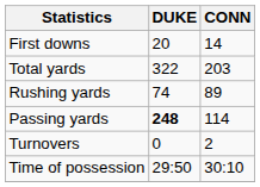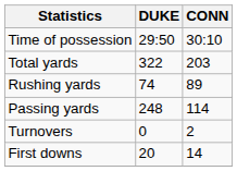 <table class="wikitable" style="float: left;">
 <tr>
 <th>Statistics</th>
 <th>DUKE</th>
 <th>CONN</th>
 </tr>
 <tr>
-<td>First downs</td>
-<td>20</td>
-<td>14</td>
+<td>Time of possession</td>
+<td>29:50</td>
+<td>30:10</td>
 </tr>
 <tr>
 <td>Total yards</td>
 <td>322</td>
 <td>203</td>
 </tr>
 <tr>
 <td>Rushing yards</td>
 <td>74</td>
 <td>89</td>
 </tr>
 <tr>
 <td>Passing yards</td>
-<td><strong>248</strong></td>
+<td>248</td>
 <td>114</td>
 </tr>
 <tr>
 <td>Turnovers</td>
 <td>0</td>
 <td>2</td>
 </tr>
 <tr>
-<td>Time of possession</td>
-<td>29:50</td>
-<td>30:10</td>
+<td>First downs</td>
+<td>20</td>
+<td>14</td>
 </tr>
 <tr>
 </tr>
 </table>
